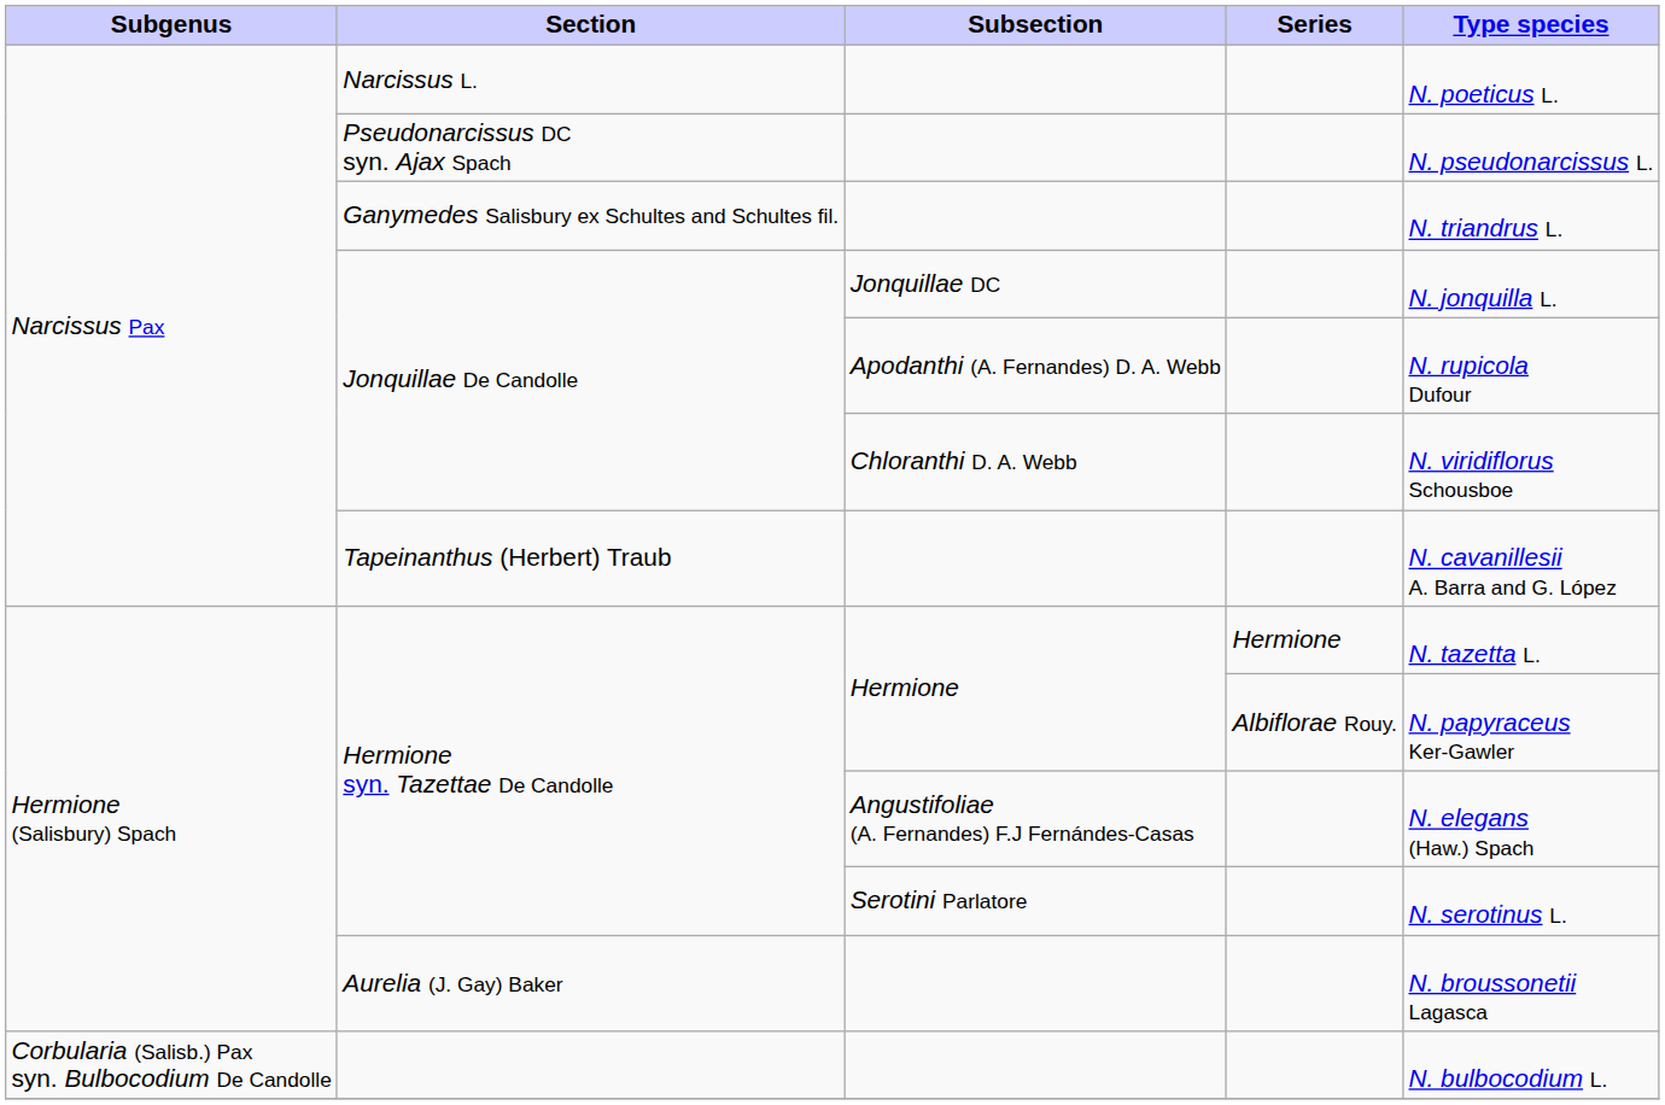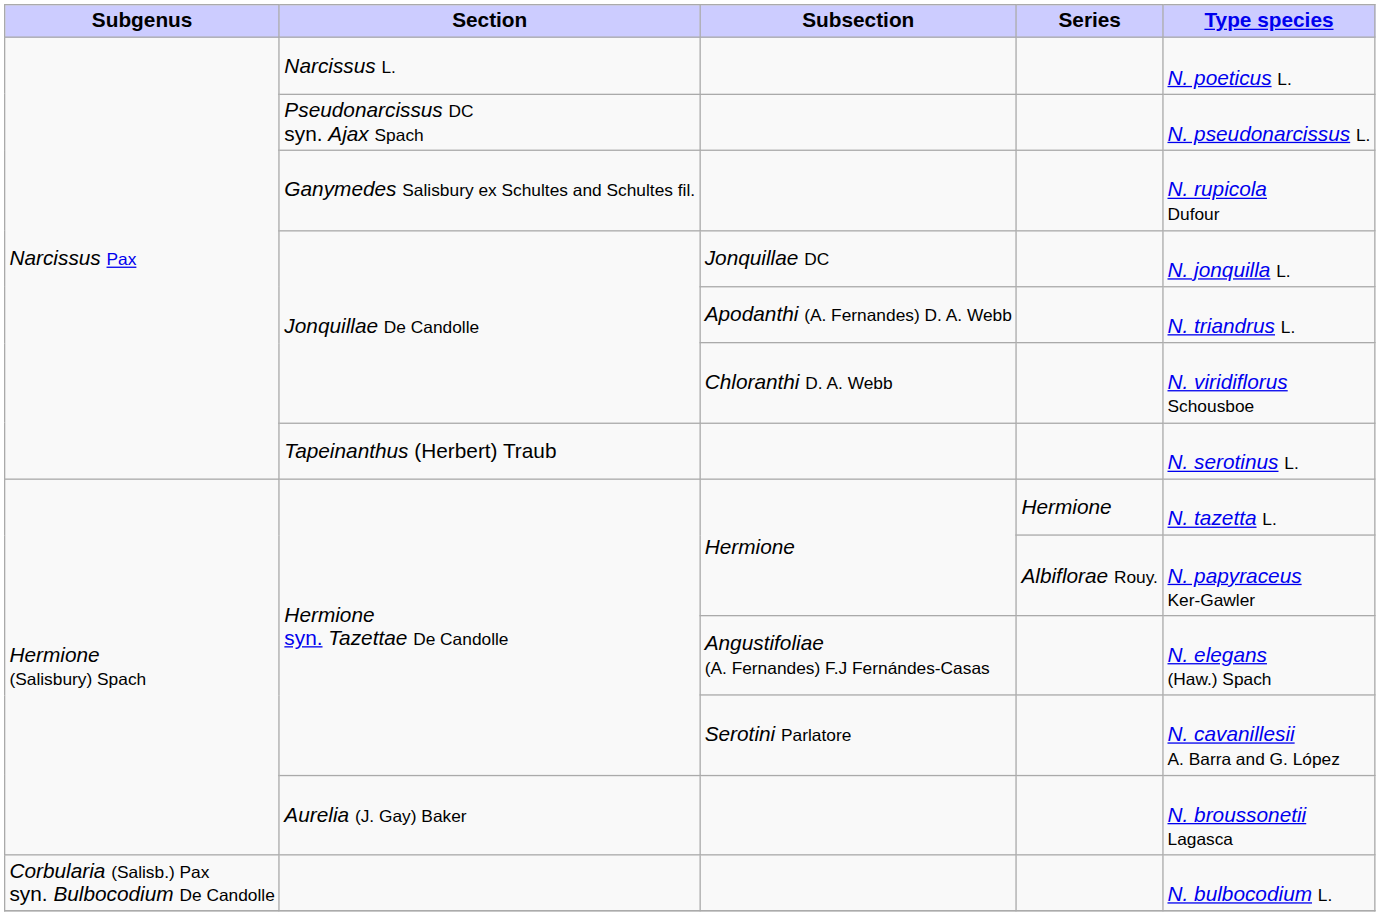 <table class="wikitable">
 <tr>
 <th style="background: #ccf;">Subgenus</th>
 <th style="background: #ccf;">Section</th>
 <th style="background: #ccf;">Subsection</th>
 <th style="background: #ccf;">Series</th>
 <th style="background: #ccf;"><a href='#'>Type species</a></th>
 </tr>
 <tr>
 <td rowspan=7><em>Narcissus</em> <small><a href='#'>Pax</a></small></td>
 <td><em>Narcissus</em> <small>L.</small></td>
 <td></td>
 <td></td>
 <td><br><em><a href='#'>N. poeticus</a></em> <small>L.</small></td>
 </tr>
 <tr>
 <td><em>Pseudonarcissus</em> <small>DC</small><br>syn. <em>Ajax</em> <small>Spach</small></td>
 <td></td>
 <td></td>
 <td><br><em><a href='#'>N. pseudonarcissus</a></em> <small>L.</small></td>
 </tr>
 <tr>
 <td><em>Ganymedes</em> <small>Salisbury ex Schultes and Schultes fil.</small></td>
 <td></td>
 <td></td>
-<td><br><em><a href='#'>N. triandrus</a> </em><small>L.</small></td>
+<td><br><em><a href='#'>N. rupicola</a></em><br> <small>Dufour</small></td>
 </tr>
 <tr>
 <td rowspan=3><em>Jonquillae</em> <small>De Candolle</small></td>
 <td><em>Jonquillae</em> <small>DC</small></td>
 <td></td>
 <td><br><em><a href='#'>N. jonquilla</a></em> <small>L.</small></td>
 </tr>
 <tr>
 <td><em>Apodanthi</em> <small>(A. Fernandes) D. A. Webb</small></td>
 <td></td>
-<td><br><em><a href='#'>N. rupicola</a></em><br> <small>Dufour</small></td>
+<td><br><em><a href='#'>N. triandrus</a> </em><small>L.</small></td>
 </tr>
 <tr>
 <td><em>Chloranthi</em> <small>D. A. Webb</small></td>
 <td></td>
 <td><br><em><a href='#'>N. viridiflorus</a></em><br> <small>Schousboe</small></td>
 </tr>
 <tr>
 <td><em>Tapeinanthus</em> (Herbert) Traub</td>
 <td></td>
 <td></td>
-<td><br><em><a href='#'>N. cavanillesii</a></em> <br><small>A. Barra and G. López</small></td>
+<td><em><br><a href='#'>N. serotinus</a></em> <small>L.</small></td>
 </tr>
 <tr>
 <td rowspan=5><em>Hermione</em> <br><small>(Salisbury) Spach</small></td>
 <td rowspan=4><em>Hermione</em><br> <a href='#'>syn.</a> <em>Tazettae</em> <small>De Candolle</small></td>
 <td rowspan=2><em>Hermione</em></td>
 <td><em>Hermione</em></td>
 <td><br> <em><a href='#'>N. tazetta</a></em> <small>L.</small></td>
 </tr>
 <tr>
 <td><em>Albiflorae</em> <small>Rouy.</small></td>
 <td><br><em><a href='#'>N. papyraceus</a></em> <br><small>Ker-Gawler</small></td>
 </tr>
 <tr>
 <td><em>Angustifoliae</em><br> <small>(A. Fernandes) F.J Fernándes-Casas</small></td>
 <td></td>
 <td><br><em><a href='#'>N. elegans</a></em> <br><small>(Haw.) Spach</small></td>
 </tr>
 <tr>
 <td><em>Serotini</em> <small>Parlatore</small></td>
 <td></td>
-<td><em><br><a href='#'>N. serotinus</a></em> <small>L.</small></td>
+<td><br><em><a href='#'>N. cavanillesii</a></em> <br><small>A. Barra and G. López</small></td>
 </tr>
 <tr>
 <td><em>Aurelia</em> <small>(J. Gay) Baker</small></td>
 <td></td>
 <td></td>
 <td><br><em><a href='#'>N. broussonetii</a></em> <br><small>Lagasca</small></td>
 </tr>
 <tr>
 <td><em>Corbularia</em> <small>(Salisb.) Pax</small><br>syn. <em>Bulbocodium</em> <small>De Candolle</small></td>
 <td></td>
 <td></td>
 <td></td>
 <td><br><em><a href='#'>N. bulbocodium</a></em> <small>L.</small></td>
 </tr>
 <tr>
 </tr>
 </table>
